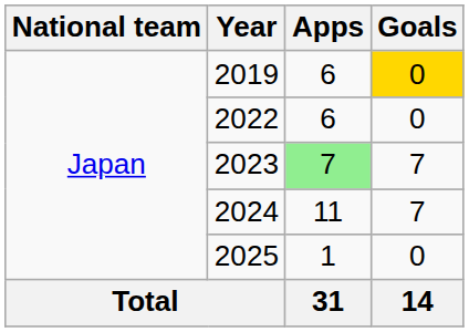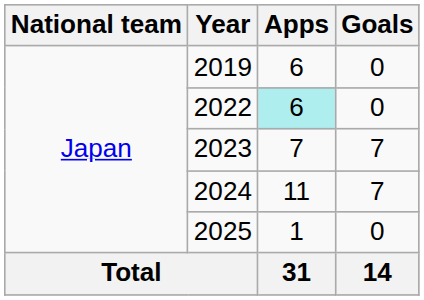 <table class="wikitable" style="text-align:center">
 <tr>
 <th>National team</th>
 <th>Year</th>
 <th>Apps</th>
 <th>Goals</th>
 </tr>
 <tr>
 <td rowspan="5"><a href='#'>Japan</a></td>
 <td>2019</td>
 <td>6</td>
-<td style="background: gold;">0</td>
+<td>0</td>
 </tr>
 <tr>
 <td>2022</td>
-<td>6</td>
+<td style="background: paleturquoise;">6</td>
 <td>0</td>
 </tr>
 <tr>
 <td>2023</td>
-<td style="background: lightgreen;">7</td>
+<td>7</td>
 <td>7</td>
 </tr>
 <tr>
 <td>2024</td>
 <td>11</td>
 <td>7</td>
 </tr>
 <tr>
 <td>2025</td>
 <td>1</td>
 <td>0</td>
 </tr>
 <tr>
 <th colspan="2">Total</th>
 <th>31</th>
 <th>14</th>
 </tr>
 </table>
